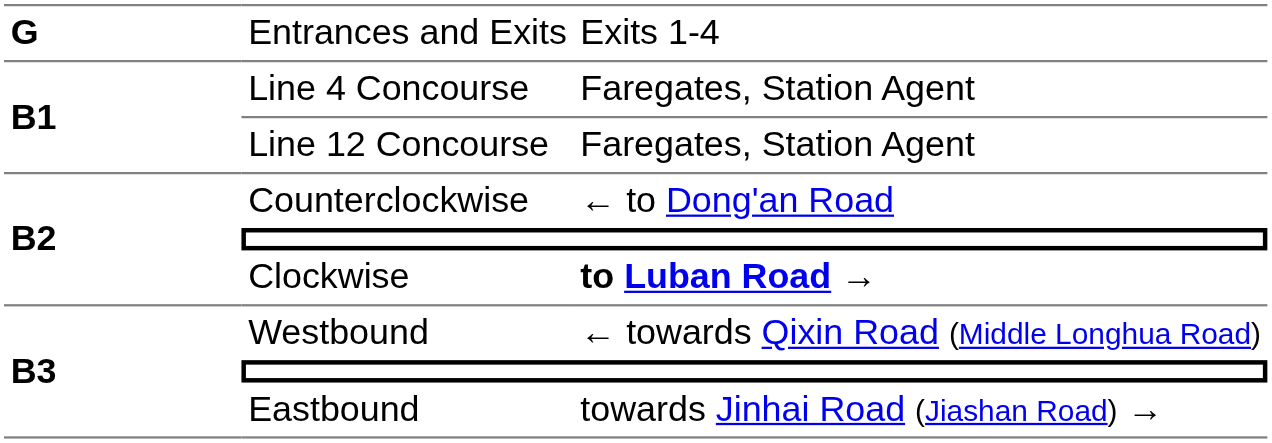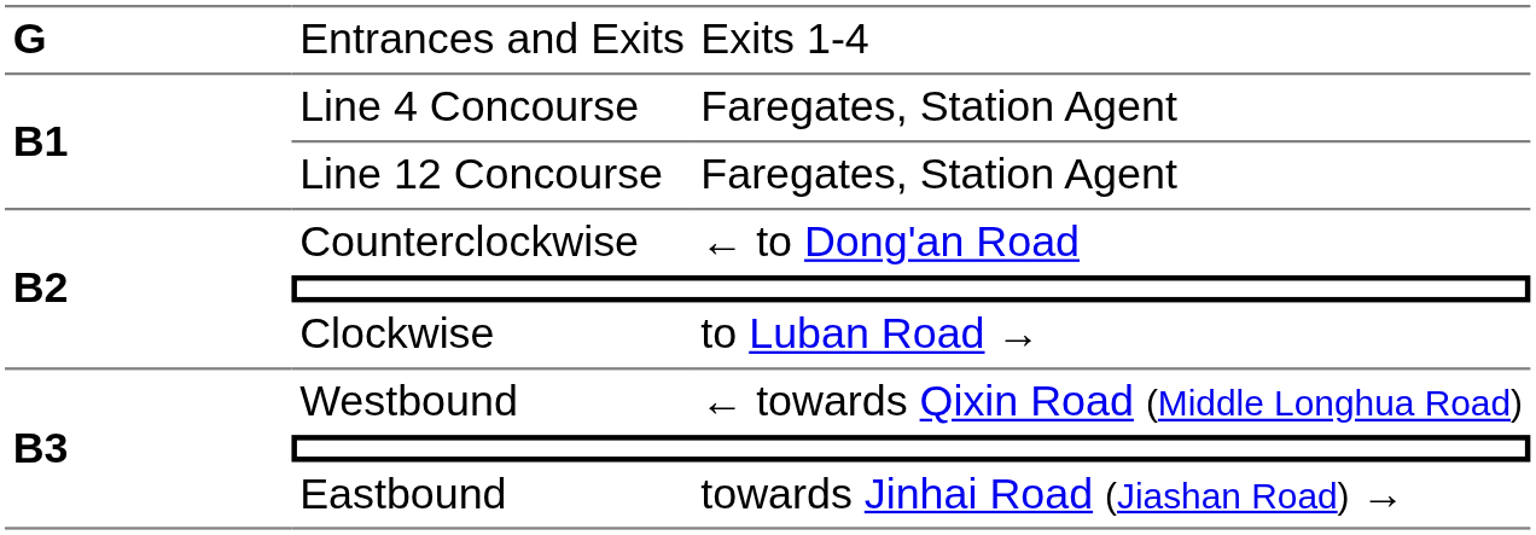 <table cellspacing=0 cellpadding=3>
 <tr>
 <td style="border-top:solid 1px gray;border-bottom:solid 1px gray;" width=100><strong>G</strong></td>
 <td style="border-top:solid 1px gray;border-bottom:solid 1px gray;">Entrances and Exits</td>
 <td style="border-top:solid 1px gray;border-bottom:solid 1px gray;">Exits 1-4</td>
 </tr>
 <tr>
 <td style="border-bottom:solid 1px gray;" rowspan=2><strong>B1</strong></td>
 <td style="border-bottom:solid 1px gray;">Line 4 Concourse</td>
 <td style="border-bottom:solid 1px gray;">Faregates, Station Agent</td>
 </tr>
 <tr>
 <td style="border-bottom:solid 1px gray;">Line 12 Concourse</td>
 <td style="border-bottom:solid 1px gray;">Faregates, Station Agent</td>
 </tr>
 <tr>
 <td style="border-bottom:solid 1px gray;" rowspan=3><strong>B2</strong></td>
 <td>Counterclockwise</td>
 <td>←  to <a href='#'>Dong'an Road</a></td>
 </tr>
 <tr>
 <td style="border-right:solid 2px black;border-left:solid 2px black;border-top:solid 2px black;border-bottom:solid 2px black;" colspan=2></td>
 </tr>
 <tr>
 <td style="border-bottom:solid 1px gray;">Clockwise</td>
-<td style="border-bottom:solid 1px gray;"><strong>  to <a href='#'>Luban Road</a> →</strong></td>
+<td style="border-bottom:solid 1px gray;">  to <a href='#'>Luban Road</a> →</td>
 </tr>
 <tr>
 <td style="border-bottom:solid 1px gray;" rowspan=3><strong>B3</strong></td>
 <td>Westbound</td>
 <td>←  towards <a href='#'>Qixin Road</a> <small>(<a href='#'>Middle Longhua Road</a>)</small></td>
 </tr>
 <tr>
 <td style="border-right:solid 2px black;border-left:solid 2px black;border-top:solid 2px black;border-bottom:solid 2px black;" colspan=2></td>
 </tr>
 <tr>
 <td style="border-bottom:solid 1px gray;">Eastbound</td>
 <td style="border-bottom:solid 1px gray;">  towards <a href='#'>Jinhai Road</a> <small>(<a href='#'>Jiashan Road</a>)</small> →</td>
 </tr>
 </table>
